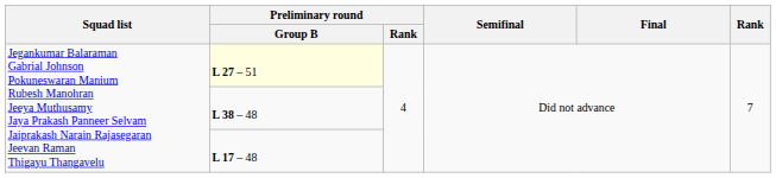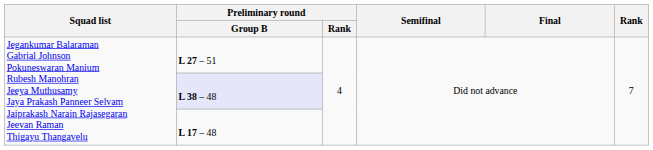 <table class="wikitable" width="75%" style="text-align:center; font-size:90%">
 <tr>
 <th rowspan=2 width="20%">Squad list</th>
 <th colspan=2 width="20%">Preliminary round</th>
 <th rowspan=2 width="15%">Semifinal</th>
 <th rowspan=2 width="15%">Final</th>
 <th rowspan=2 width="3%">Rank</th>
 </tr>
 <tr>
 <th width="17%">Group B</th>
 <th width="3%">Rank</th>
 </tr>
 <tr>
 <td rowspan="3" align="left"><a href='#'>Jegankumar Balaraman</a><br><a href='#'>Gabrial Johnson</a><br><a href='#'>Pokuneswaran Manium</a><br><a href='#'>Rubesh Manohran</a><br><a href='#'>Jeeya Muthusamy</a><br><a href='#'>Jaya Prakash Panneer Selvam</a><br><a href='#'>Jaiprakash Narain Rajasegaran</a><br><a href='#'>Jeevan Raman</a><br><a href='#'>Thigayu Thangavelu</a></td>
-<td align="left" style="background: lightyellow;"><br><strong>L 27</strong> – 51</td>
+<td align="left"><br><strong>L 27</strong> – 51</td>
 <td rowspan=3>4</td>
 <td rowspan=3 colspan=2>Did not advance</td>
 <td rowspan=3>7</td>
 </tr>
 <tr>
-<td align="left"><br><strong>L 38</strong> – 48</td>
+<td align="left" style="background: lavender;"><br><strong>L 38</strong> – 48</td>
 </tr>
 <tr>
 <td align="left"><br><strong>L 17</strong> – 48</td>
 </tr>
 </table>
